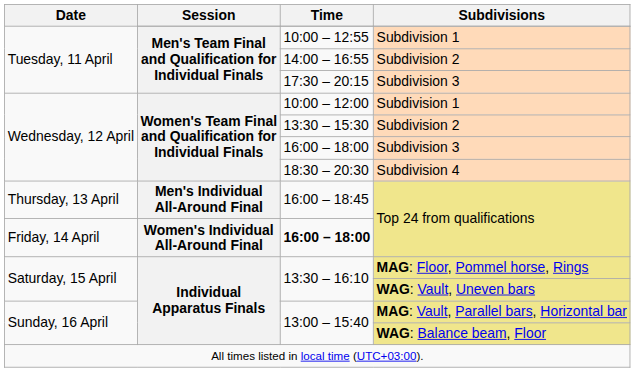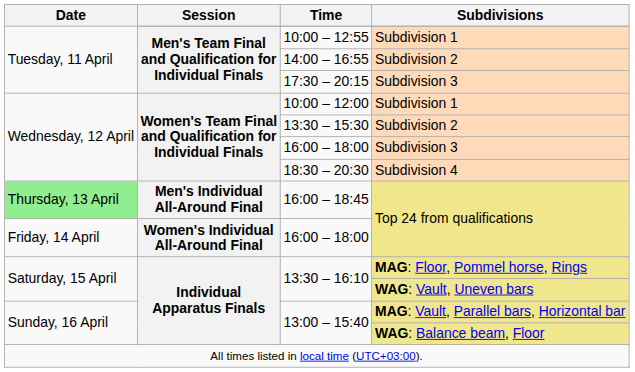 <table class="wikitable">
 <tr>
 <th>Date</th>
 <th>Session</th>
 <th>Time</th>
 <th>Subdivisions</th>
 </tr>
 <tr>
 <td rowspan=4>Tuesday, 11 April</td>
 </tr>
 <tr>
 <th rowspan=3>Men's Team Final<br>and Qualification for<br>Individual Finals</th>
 <td>10:00 – 12:55</td>
 <td bgcolor="#ffdab9">Subdivision 1</td>
 </tr>
 <tr>
 <td>14:00 – 16:55</td>
 <td bgcolor="#ffdab9">Subdivision 2</td>
 </tr>
 <tr>
 <td>17:30 – 20:15</td>
 <td bgcolor="#ffdab9">Subdivision 3</td>
 </tr>
 <tr>
 <td rowspan=4>Wednesday, 12 April</td>
 <th rowspan=4>Women's Team Final<br>and Qualification for<br>Individual Finals</th>
 <td>10:00 – 12:00</td>
 <td bgcolor="#ffdab9">Subdivision 1</td>
 </tr>
 <tr>
 <td>13:30 – 15:30</td>
 <td bgcolor="#ffdab9">Subdivision 2</td>
 </tr>
 <tr>
 <td>16:00 – 18:00</td>
 <td bgcolor="#ffdab9">Subdivision 3</td>
 </tr>
 <tr>
 <td>18:30 – 20:30</td>
 <td bgcolor="#ffdab9">Subdivision 4</td>
 </tr>
 <tr>
-<td>Thursday, 13 April</td>
+<td style="background: lightgreen;">Thursday, 13 April</td>
 <th>Men's Individual<br>All-Around Final</th>
 <td>16:00 – 18:45</td>
 <td rowspan="2" bgcolor="#f0e68c">Top 24 from qualifications</td>
 </tr>
 <tr>
 <td>Friday, 14 April</td>
 <th>Women's Individual<br>All-Around Final</th>
-<td><strong>16:00 – 18:00</strong></td>
+<td>16:00 – 18:00</td>
 </tr>
 <tr>
 <td rowspan=2>Saturday, 15 April</td>
 <th rowspan=4 bgcolor="#f0e68c">Individual<br>Apparatus Finals</th>
 <td rowspan=2>13:30 – 16:10</td>
 <td bgcolor="#f0e68c"><strong>MAG</strong>: <a href='#'>Floor</a>, <a href='#'>Pommel horse</a>, <a href='#'>Rings</a></td>
 </tr>
 <tr>
 <td bgcolor="#f0e68c"><strong>WAG</strong>: <a href='#'>Vault</a>, <a href='#'>Uneven bars</a></td>
 </tr>
 <tr>
 <td rowspan=2>Sunday, 16 April</td>
 <td rowspan=2>13:00 – 15:40</td>
 <td bgcolor="#f0e68c"><strong>MAG</strong>: <a href='#'>Vault</a>, <a href='#'>Parallel bars</a>, <a href='#'>Horizontal bar</a></td>
 </tr>
 <tr>
 <td bgcolor="#f0e68c"><strong>WAG</strong>: <a href='#'>Balance beam</a>, <a href='#'>Floor</a></td>
 </tr>
 <tr>
 <td colspan=4 align=center><small> All times listed in <a href='#'>local time</a> (<a href='#'>UTC+03:00</a>).</small></td>
 </tr>
 </table>
